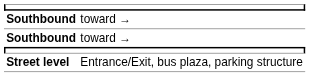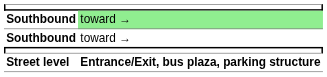 <table table border=0 cellspacing=0 cellpadding=3>
 <tr>
 <td style="border-bottom:solid 2px black;border-right:solid 2px black;border-left:solid 2px black;border-top:solid 1px gray;text-align:center" colspan=2></td>
 </tr>
 <tr>
 <td style="border-bottom:solid 1px gray"><strong>Southbound</strong></td>
-<td style="border-bottom:solid 1px gray"><strong></strong> toward   →</td>
+<td style="background: lightgreen; border-bottom:solid 1px gray"><strong></strong> toward   →</td>
 </tr>
 <tr>
 <td><strong>Southbound</strong></td>
 <td><strong></strong> toward   →</td>
 </tr>
 <tr>
 <td style="border-top:solid 2px black;border-right:solid 2px black;border-left:solid 2px black;border-bottom:solid 1px gray;text-align:center" colspan=2></td>
 </tr>
 <tr>
 <td style="border-bottom:solid 1px gray" valign=top><strong>Street level</strong></td>
-<td style="border-bottom:solid 1px gray" valign=top>Entrance/Exit, bus plaza, parking structure</td>
+<td style="border-bottom:solid 1px gray" valign=top><strong>Entrance/Exit, bus plaza, parking structure</strong></td>
 </tr>
 </table>
